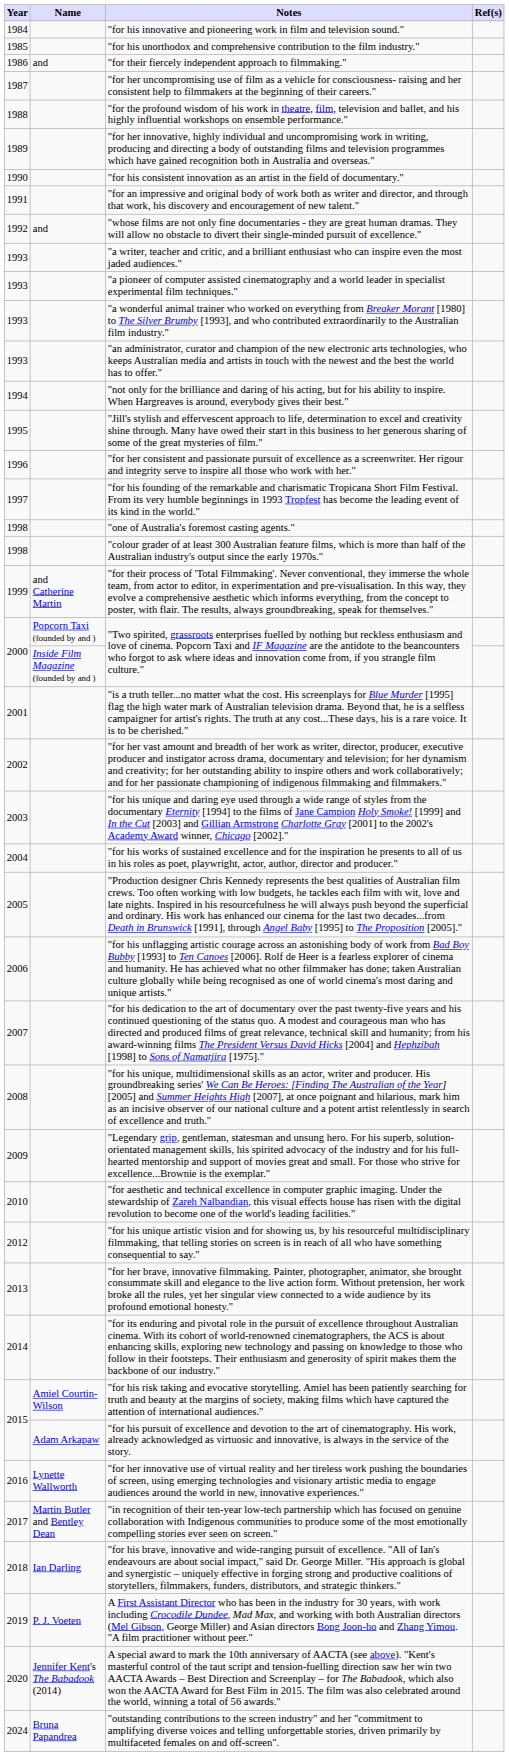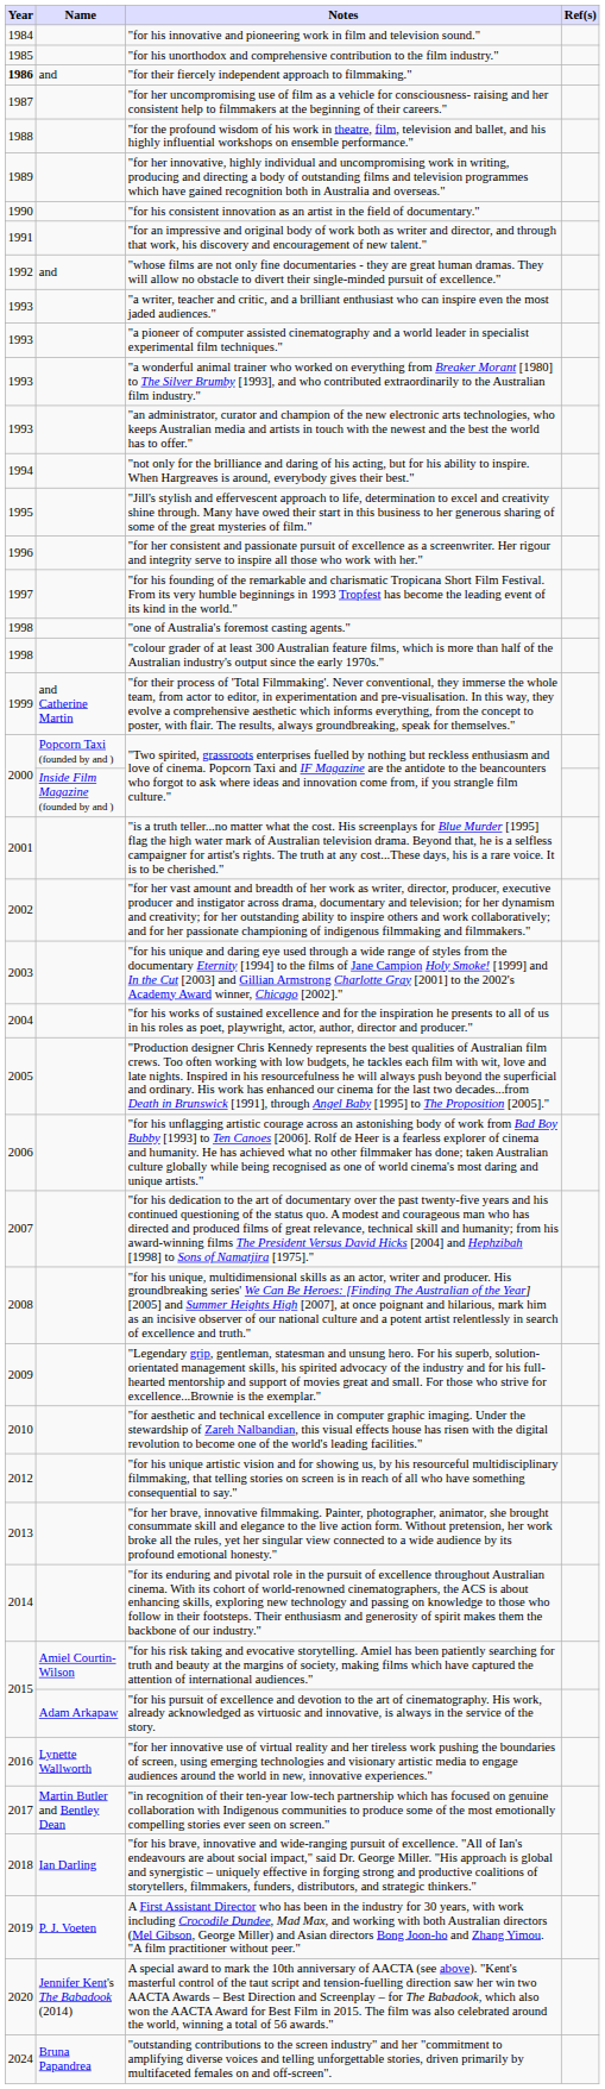 <table class="wikitable sortable" width="60%" align="centre">
 <tr>
 <th style="background:#DDDDFF;">Year</th>
 <th width="15%" style="background:#DDDDFF;">Name</th>
 <th style="background:#DDDDFF;">Notes</th>
 <th style="background:#DDDDFF;" class="unsortable">Ref(s)</th>
 </tr>
 <tr>
 <td>1984</td>
 <td></td>
 <td>"for his innovative and pioneering work in film and television sound."</td>
 <td></td>
 </tr>
 <tr>
 <td>1985</td>
 <td></td>
 <td>"for his unorthodox and comprehensive contribution to the film industry."</td>
 <td></td>
 </tr>
 <tr>
-<td>1986</td>
+<td><strong>1986</strong></td>
 <td> and<br> </td>
 <td>"for their fiercely independent approach to filmmaking."</td>
 <td></td>
 </tr>
 <tr>
 <td>1987</td>
 <td></td>
 <td>"for her uncompromising use of film as a vehicle for consciousness- raising and her consistent help to filmmakers at the beginning of their careers."</td>
 <td></td>
 </tr>
 <tr>
 <td>1988</td>
 <td></td>
 <td>"for the profound wisdom of his work in <a href='#'>theatre</a>, <a href='#'>film</a>, television and ballet, and his highly influential workshops on ensemble performance."</td>
 <td></td>
 </tr>
 <tr>
 <td>1989</td>
 <td></td>
 <td>"for her innovative, highly individual and uncompromising work in writing, producing and directing a body of outstanding films and television programmes which have gained recognition both in Australia and overseas."</td>
 <td></td>
 </tr>
 <tr>
 <td>1990</td>
 <td></td>
 <td>"for his consistent innovation as an artist in the field of documentary."</td>
 <td></td>
 </tr>
 <tr>
 <td>1991</td>
 <td></td>
 <td>"for an impressive and original body of work both as writer and director, and through that work, his discovery and encouragement of new talent."</td>
 <td></td>
 </tr>
 <tr>
 <td>1992</td>
 <td> and <br> </td>
 <td>"whose films are not only fine documentaries - they are great human dramas. They will allow no obstacle to divert their single-minded pursuit of excellence."</td>
 <td></td>
 </tr>
 <tr>
 <td>1993</td>
 <td></td>
 <td>"a writer, teacher and critic, and a brilliant enthusiast who can inspire even the most jaded audiences."</td>
 <td></td>
 </tr>
 <tr>
 <td>1993</td>
 <td></td>
 <td>"a pioneer of computer assisted cinematography and a world leader in specialist experimental film techniques."</td>
 <td></td>
 </tr>
 <tr>
 <td>1993</td>
 <td></td>
 <td>"a wonderful animal trainer who worked on everything from <em><a href='#'>Breaker Morant</a></em> [1980] to <em><a href='#'>The Silver Brumby</a></em> [1993], and who contributed extraordinarily to the Australian film industry."</td>
 <td></td>
 </tr>
 <tr>
 <td>1993</td>
 <td></td>
 <td>"an administrator, curator and champion of the new electronic arts technologies, who keeps Australian media and artists in touch with the newest and the best the world has to offer."</td>
 <td></td>
 </tr>
 <tr>
 <td>1994</td>
 <td></td>
 <td>"not only for the brilliance and daring of his acting, but for his ability to inspire. When Hargreaves is around, everybody gives their best."</td>
 <td></td>
 </tr>
 <tr>
 <td>1995</td>
 <td></td>
 <td>"Jill's stylish and effervescent approach to life, determination to excel and creativity shine through. Many have owed their start in this business to her generous sharing of some of the great mysteries of film."</td>
 <td></td>
 </tr>
 <tr>
 <td>1996</td>
 <td></td>
 <td>"for her consistent and passionate pursuit of excellence as a screenwriter. Her rigour and integrity serve to inspire all those who work with her."</td>
 <td></td>
 </tr>
 <tr>
 <td>1997</td>
 <td></td>
 <td>"for his founding of the remarkable and charismatic Tropicana Short Film Festival. From its very humble beginnings in 1993 <a href='#'>Tropfest</a> has become the leading event of its kind in the world."</td>
 <td></td>
 </tr>
 <tr>
 <td>1998</td>
 <td></td>
 <td>"one of Australia's foremost casting agents."</td>
 <td></td>
 </tr>
 <tr>
 <td>1998</td>
 <td></td>
 <td>"colour grader of at least 300 Australian feature films, which is more than half of the Australian industry's output since the early 1970s."</td>
 <td></td>
 </tr>
 <tr>
 <td>1999</td>
 <td> and <br> <a href='#'>Catherine Martin</a></td>
 <td>"for their process of 'Total Filmmaking'. Never conventional, they immerse the whole team, from actor to editor, in experimentation and pre-visualisation. In this way, they evolve a comprehensive aesthetic which informs everything, from the concept to poster, with flair. The results, always groundbreaking, speak for themselves."</td>
 <td></td>
 </tr>
 <tr>
 <td rowspan="2">2000</td>
 <td><a href='#'>Popcorn Taxi</a> <br><small>(founded by  and )</small></td>
 <td rowspan="2">"Two spirited, <a href='#'>grassroots</a> enterprises fuelled by nothing but reckless enthusiasm and love of cinema. Popcorn Taxi and <em><a href='#'>IF Magazine</a></em> are the antidote to the beancounters who forgot to ask where ideas and innovation come from, if you strangle film culture."</td>
 <td></td>
 </tr>
 <tr>
 <td><em><a href='#'>Inside Film Magazine</a></em> <br><small>(founded by  and )</small></td>
 <td></td>
 </tr>
 <tr>
 <td>2001</td>
 <td></td>
 <td>"is a truth teller...no matter what the cost. His screenplays for <em><a href='#'>Blue Murder</a></em> [1995] flag the high water mark of Australian television drama. Beyond that, he is a selfless campaigner for artist's rights. The truth at any cost...These days, his is a rare voice. It is to be cherished."</td>
 <td></td>
 </tr>
 <tr>
 <td>2002</td>
 <td></td>
 <td>"for her vast amount and breadth of her work as writer, director, producer, executive producer and instigator across drama, documentary and television; for her dynamism and creativity; for her outstanding ability to inspire others and work collaboratively; and for her passionate championing of indigenous filmmaking and filmmakers."</td>
 <td></td>
 </tr>
 <tr>
 <td>2003</td>
 <td></td>
 <td>"for his unique and daring eye used through a wide range of styles from the documentary <em><a href='#'>Eternity</a></em> [1994] to the films of <a href='#'>Jane Campion</a> <em><a href='#'>Holy Smoke!</a></em> [1999] and <em><a href='#'>In the Cut</a></em> [2003] and <a href='#'>Gillian Armstrong</a> <em><a href='#'>Charlotte Gray</a></em> [2001] to the 2002's <a href='#'>Academy Award</a> winner, <em><a href='#'>Chicago</a></em> [2002]."</td>
 <td></td>
 </tr>
 <tr>
 <td>2004</td>
 <td></td>
 <td>"for his works of sustained excellence and for the inspiration he presents to all of us in his roles as poet, playwright, actor, author, director and producer."</td>
 <td></td>
 </tr>
 <tr>
 <td>2005</td>
 <td></td>
 <td>"Production designer Chris Kennedy represents the best qualities of Australian film crews. Too often working with low budgets, he tackles each film with wit, love and late nights. Inspired in his resourcefulness he will always push beyond the superficial and ordinary. His work has enhanced our cinema for the last two decades...from <em><a href='#'>Death in Brunswick</a></em> [1991], through <em><a href='#'>Angel Baby</a></em> [1995] to <em><a href='#'>The Proposition</a></em> [2005]."</td>
 <td></td>
 </tr>
 <tr>
 <td>2006</td>
 <td></td>
 <td>"for his unflagging artistic courage across an astonishing body of work from <em><a href='#'>Bad Boy Bubby</a></em> [1993] to <em><a href='#'>Ten Canoes</a></em> [2006]. Rolf de Heer is a fearless explorer of cinema and humanity. He has achieved what no other filmmaker has done; taken Australian culture globally while being recognised as one of world cinema's most daring and unique artists."</td>
 <td></td>
 </tr>
 <tr>
 <td>2007</td>
 <td></td>
 <td>"for his dedication to the art of documentary over the past twenty-five years and his continued questioning of the status quo. A modest and courageous man who has directed and produced films of great relevance, technical skill and humanity; from his award-winning films <em><a href='#'>The President Versus David Hicks</a></em> [2004] and <em><a href='#'>Hephzibah</a></em> [1998] to <em><a href='#'>Sons of Namatjira</a></em> [1975]."</td>
 <td></td>
 </tr>
 <tr>
 <td>2008</td>
 <td></td>
 <td>"for his unique, multidimensional skills as an actor, writer and producer. His groundbreaking series' <em><a href='#'>We Can Be Heroes: [Finding The Australian of the Year</a>]</em> [2005] and <em><a href='#'>Summer Heights High</a></em> [2007], at once poignant and hilarious, mark him as an incisive observer of our national culture and a potent artist relentlessly in search of excellence and truth."</td>
 <td></td>
 </tr>
 <tr>
 <td>2009</td>
 <td></td>
 <td>"Legendary <a href='#'>grip</a>, gentleman, statesman and unsung hero. For his superb, solution-orientated management skills, his spirited advocacy of the industry and for his full-hearted mentorship and support of movies great and small. For those who strive for excellence...Brownie is the exemplar."</td>
 <td></td>
 </tr>
 <tr>
 <td>2010</td>
 <td></td>
 <td>"for aesthetic and technical excellence in computer graphic imaging. Under the stewardship of <a href='#'>Zareh Nalbandian</a>, this visual effects house has risen with the digital revolution to become one of the world's leading facilities."</td>
 <td></td>
 </tr>
 <tr>
 <td>2012</td>
 <td></td>
 <td>"for his unique artistic vision and for showing us, by his resourceful multidisciplinary filmmaking, that telling stories on screen is in reach of all who have something consequential to say."</td>
 <td></td>
 </tr>
 <tr>
 <td>2013</td>
 <td></td>
 <td>"for her brave, innovative filmmaking. Painter, photographer, animator, she brought consummate skill and elegance to the live action form. Without pretension, her work broke all the rules, yet her singular view connected to a wide audience by its profound emotional honesty."</td>
 <td></td>
 </tr>
 <tr>
 <td>2014</td>
 <td></td>
 <td>"for its enduring and pivotal role in the pursuit of excellence throughout Australian cinema. With its cohort of world-renowned cinematographers, the ACS is about enhancing skills, exploring new technology and passing on knowledge to those who follow in their footsteps. Their enthusiasm and generosity of spirit makes them the backbone of our industry."</td>
 <td></td>
 </tr>
 <tr>
 <td rowspan="2">2015</td>
 <td><a href='#'>Amiel Courtin-Wilson</a></td>
 <td>"for his risk taking and evocative storytelling. Amiel has been patiently searching for truth and beauty at the margins of society, making films which have captured the attention of international audiences."</td>
 <td></td>
 </tr>
 <tr>
 <td><a href='#'>Adam Arkapaw</a></td>
 <td>"for his pursuit of excellence and devotion to the art of cinematography. His work, already acknowledged as virtuosic and innovative, is always in the service of the story.</td>
 <td></td>
 </tr>
 <tr>
 <td>2016</td>
 <td><a href='#'>Lynette Wallworth</a></td>
 <td>"for her innovative use of virtual reality and her tireless work pushing the boundaries of screen, using emerging technologies and visionary artistic media to engage audiences around the world in new, innovative experiences."</td>
 <td></td>
 </tr>
 <tr>
 <td>2017</td>
 <td><a href='#'>Martin Butler</a> and <a href='#'>Bentley Dean</a></td>
 <td>"in recognition of their ten-year low-tech partnership which has focused on genuine collaboration with Indigenous communities to produce some of the most emotionally compelling stories ever seen on screen."</td>
 <td></td>
 </tr>
 <tr>
 <td>2018</td>
 <td><a href='#'>Ian Darling</a></td>
 <td>"for his brave, innovative and wide-ranging pursuit of excellence. "All of Ian's endeavours are about social impact," said Dr. George Miller. "His approach is global and synergistic – uniquely effective in forging strong and productive coalitions of storytellers, filmmakers, funders, distributors, and strategic thinkers."</td>
 <td></td>
 </tr>
 <tr>
 <td>2019</td>
 <td><a href='#'>P. J. Voeten</a></td>
 <td>A <a href='#'>First Assistant Director</a> who has been in the industry for 30 years, with work including <em><a href='#'>Crocodile Dundee</a></em>, <em>Mad Max</em>, and working with both Australian directors (<a href='#'>Mel Gibson</a>, George Miller) and Asian directors <a href='#'>Bong Joon-ho</a> and <a href='#'>Zhang Yimou</a>. "A film practitioner without peer."</td>
 <td></td>
 </tr>
 <tr>
 <td>2020</td>
 <td><a href='#'>Jennifer Kent</a>'s <em><a href='#'>The Babadook</a></em> (2014)</td>
 <td>A special award to mark the 10th anniversary of AACTA (see <a href='#'>above</a>). "Kent's masterful control of the taut script and tension-fuelling direction saw her win two AACTA Awards – Best Direction and Screenplay – for <em>The Babadook</em>, which also won the AACTA Award for Best Film in 2015. The film was also celebrated around the world, winning a total of 56 awards."</td>
 <td></td>
 </tr>
 <tr>
 <td>2024</td>
 <td><a href='#'>Bruna Papandrea</a></td>
 <td>"outstanding contributions to the screen industry" and her "commitment to amplifying diverse voices and telling unforgettable stories, driven primarily by multifaceted females on and off-screen".</td>
 <td></td>
 </tr>
 </table>
